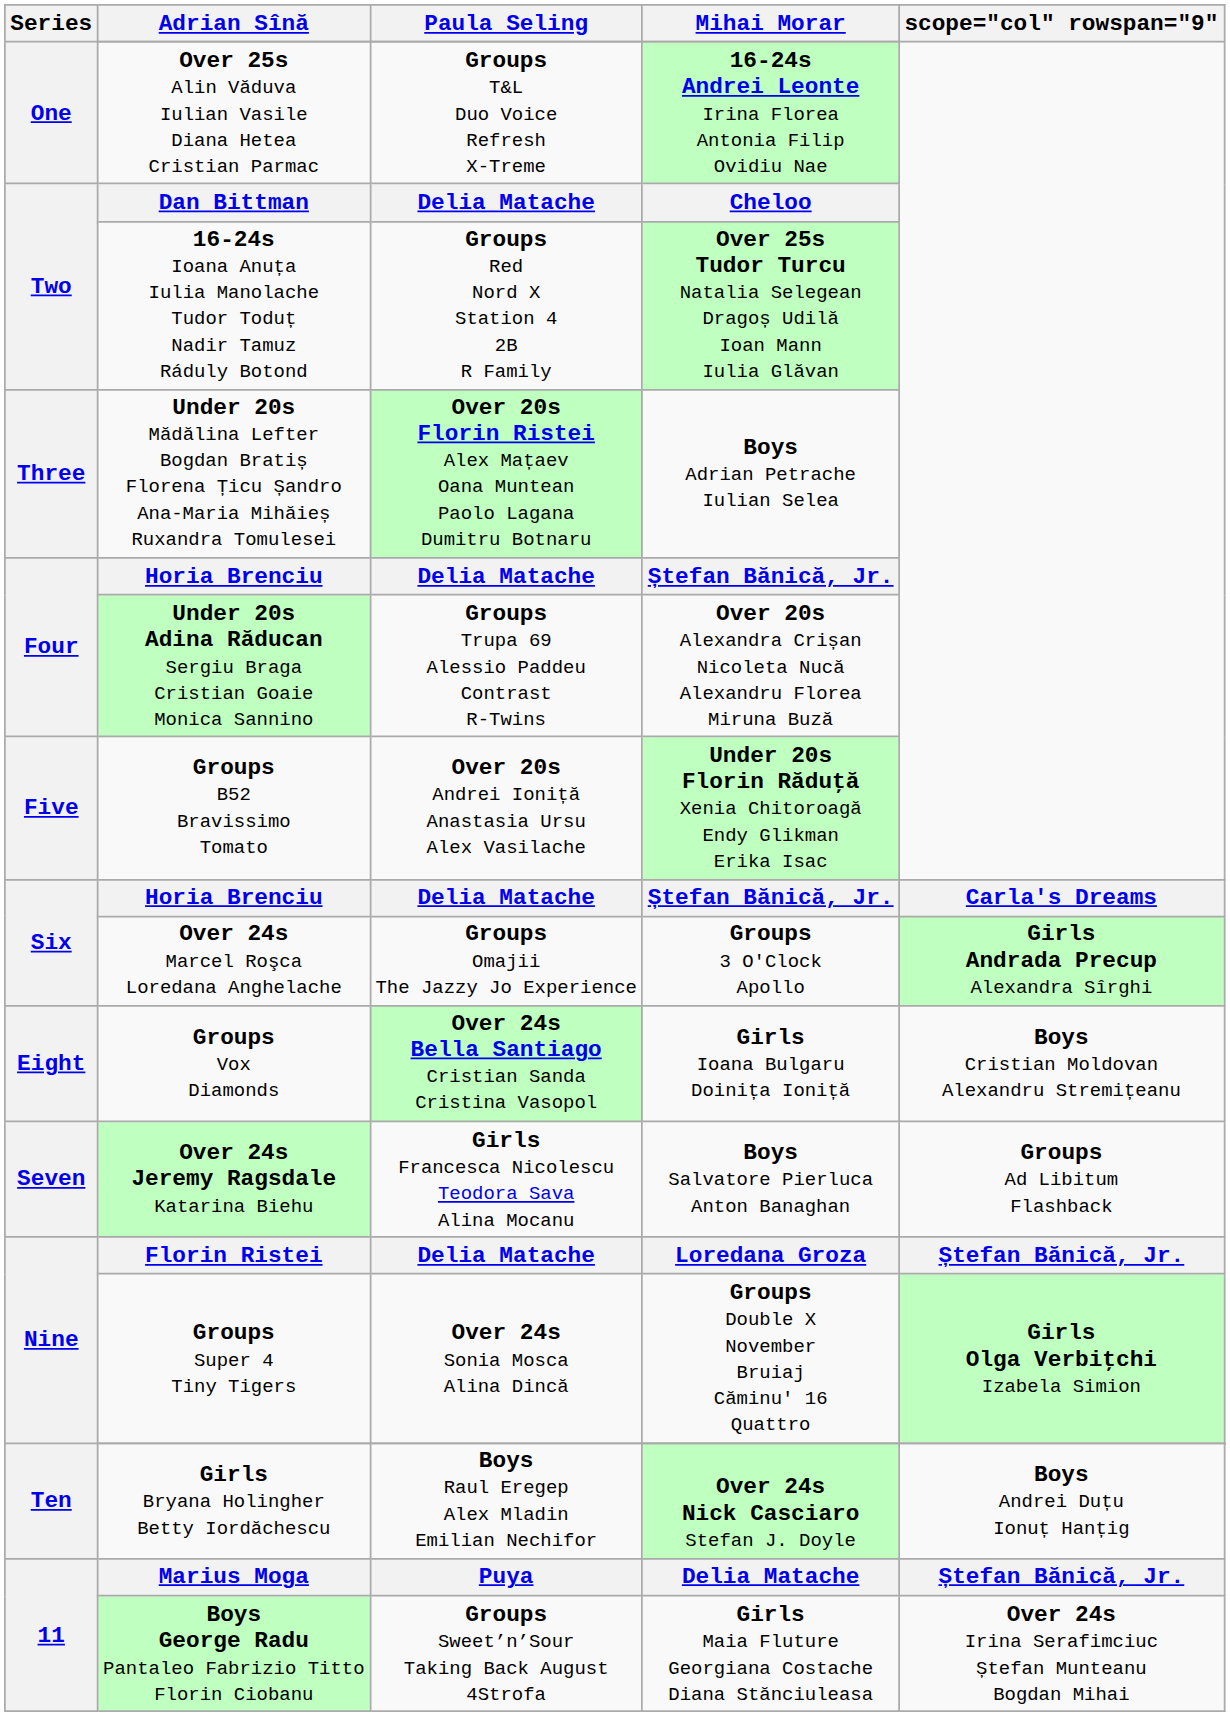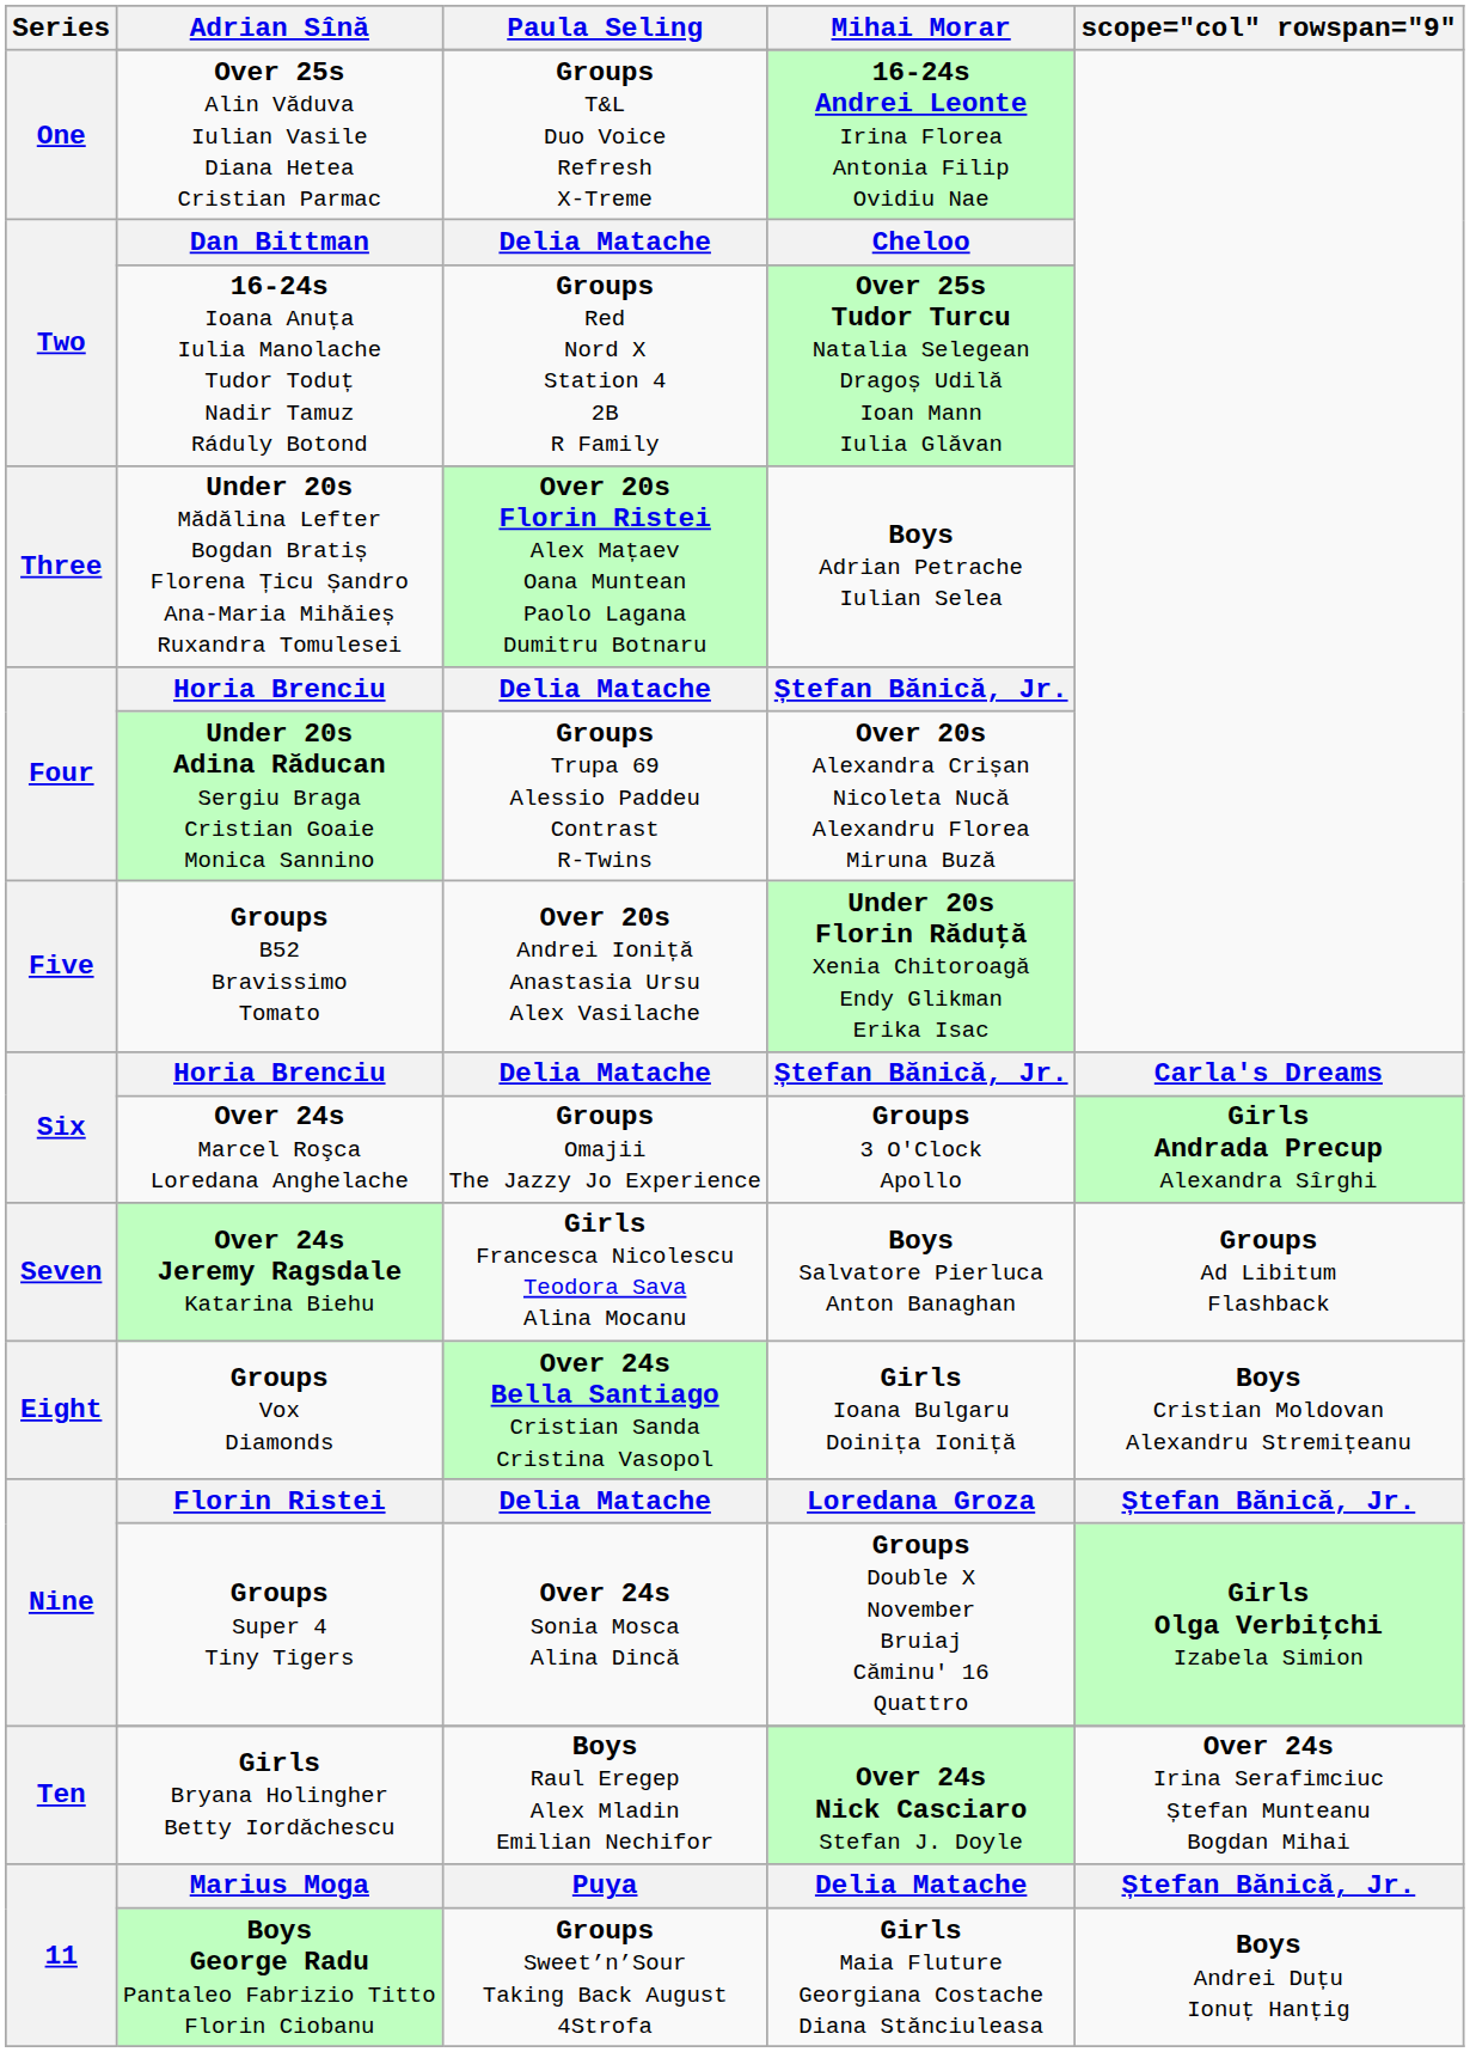 <table class="wikitable"  style="text-align:center">
 <tr>
 <th scope="col">Series</th>
 <th scope="col"><a href='#'>Adrian Sînă</a></th>
 <th scope="col"><a href='#'>Paula Seling</a></th>
 <th scope="col"><a href='#'>Mihai Morar</a></th>
 <th>scope="col" rowspan="9" </th>
 </tr>
 <tr>
 <th scope="row" rowspan=2><a href='#'>One</a></th>
 </tr>
 <tr>
 <td><strong>Over 25s</strong><br><small>Alin Văduva<br>Iulian Vasile<br>Diana Hetea<br>Cristian Parmac</small></td>
 <td><strong>Groups</strong><br><small>T&L<br>Duo Voice<br>Refresh<br>X-Treme</small></td>
 <td style="background:#BFFFC0;"><strong>16-24s</strong><br><strong><a href='#'>Andrei Leonte</a></strong><br><small>Irina Florea<br>Antonia Filip<br>Ovidiu Nae</small></td>
 </tr>
 <tr>
 <th scope="row" rowspan=2><a href='#'>Two</a></th>
 <th><a href='#'>Dan Bittman</a></th>
 <th><a href='#'>Delia Matache</a></th>
 <th><a href='#'>Cheloo</a></th>
 </tr>
 <tr>
 <td><strong>16-24s</strong><br><small>Ioana Anuța<br>Iulia Manolache<br>Tudor Toduț<br>Nadir Tamuz<br>Ráduly Botond</small></td>
 <td><strong>Groups</strong><br><small>Red<br>Nord X<br>Station 4<br>2B<br>R Family</small></td>
 <td style="background:#BFFFC0;"><strong>Over 25s</strong><br><strong>Tudor Turcu</strong><br><small>Natalia Selegean<br>Dragoș Udilă<br>Ioan Mann<br>Iulia Glăvan</small></td>
 </tr>
 <tr>
 <th scope="row"><a href='#'>Three</a></th>
 <td><strong>Under 20s</strong><br><small>Mădălina Lefter<br>Bogdan Bratiș<br>Florena Țicu Șandro<br>Ana-Maria Mihăieș<br>Ruxandra Tomulesei</small></td>
 <td style="background:#BFFFC0;"><strong>Over 20s</strong><br><strong><a href='#'>Florin Ristei</a></strong><br><small>Alex Mațaev<br>Oana Muntean<br>Paolo Lagana<br>Dumitru Botnaru</small></td>
 <td><strong>Boys</strong><br><small>Adrian Petrache<br>Iulian Selea</small></td>
 </tr>
 <tr>
 <th scope="row" rowspan=2><a href='#'>Four</a></th>
 <th><a href='#'>Horia Brenciu</a></th>
 <th><a href='#'>Delia Matache</a></th>
 <th><a href='#'>Ștefan Bănică, Jr.</a></th>
 </tr>
 <tr>
 <td style="background:#BFFFC0;"><strong>Under 20s</strong><br><strong>Adina Răducan</strong><br><small>Sergiu Braga<br>Cristian Goaie<br>Monica Sannino</small></td>
 <td><strong>Groups</strong><br><small>Trupa 69<br>Alessio Paddeu<br>Contrast<br>R-Twins</small></td>
 <td><strong>Over 20s</strong><small><br>Alexandra Crișan<br>Nicoleta Nucă<br>Alexandru Florea<br>Miruna Buză</small></td>
 </tr>
 <tr>
 <th scope="row"><a href='#'>Five</a></th>
 <td><strong>Groups</strong><br><small>B52<br>Bravissimo<br>Tomato</small></td>
 <td><strong>Over 20s</strong><br><small>Andrei Ioniță<br>Anastasia Ursu<br>Alex Vasilache</small></td>
 <td style="background:#BFFFC0;"><strong>Under 20s</strong><br><strong>Florin Răduţă</strong><br><small>Xenia Chitoroagă<br>Endy Glikman<br>Erika Isac</small></td>
 </tr>
 <tr>
 <th scope="row" rowspan=2><a href='#'>Six</a></th>
 <th><a href='#'>Horia Brenciu</a></th>
 <th><a href='#'>Delia Matache</a></th>
 <th><a href='#'>Ștefan Bănică, Jr.</a></th>
 <th><a href='#'>Carla's Dreams</a></th>
 </tr>
 <tr>
 <td><strong>Over 24s</strong><br><small>Marcel Roşca<br>Loredana Anghelache</small></td>
 <td><strong>Groups</strong><br><small>Omajii<br>The Jazzy Jo Experience</small></td>
 <td><strong>Groups</strong><br><small>3 O'Clock<br>Apollo</small></td>
 <td style="background:#BFFFC0;"><strong>Girls</strong><br><strong>Andrada Precup</strong><br><small>Alexandra Sîrghi</small></td>
 </tr>
 <tr>
+<th scope="row" rowspan=1><a href='#'>Seven</a></th>
+<td style="background:#BFFFC0;"><strong>Over 24s</strong><br><strong>Jeremy Ragsdale</strong><br><small>Katarina Biehu</small></td>
+<td><strong>Girls</strong><br><small>Francesca Nicolescu<br><a href='#'>Teodora Sava</a><br>Alina Mocanu</small></td>
+<td><strong>Boys</strong><br><small>Salvatore Pierluca<br>Anton Banaghan</small></td>
+<td><strong>Groups</strong><br><small>Ad Libitum<br>Flashback</small></td>
+</tr>
+<tr>
 <th scope="row" rowspan=1><a href='#'>Eight</a></th>
 <td><strong>Groups</strong><br><small>Vox<br>Diamonds</small></td>
 <td style="background:#BFFFC0;"><strong>Over 24s</strong><br><strong><a href='#'>Bella Santiago</a></strong><br><small>Cristian Sanda<br>Cristina Vasopol</small></td>
 <td><strong>Girls</strong><br><small>Ioana Bulgaru<br>Doinița Ioniță</small></td>
 <td><strong>Boys</strong><br><small>Cristian Moldovan<br>Alexandru Stremițeanu</small></td>
-</tr>
-<tr>
-<th scope="row" rowspan=1><a href='#'>Seven</a></th>
-<td style="background:#BFFFC0;"><strong>Over 24s</strong><br><strong>Jeremy Ragsdale</strong><br><small>Katarina Biehu</small></td>
-<td><strong>Girls</strong><br><small>Francesca Nicolescu<br><a href='#'>Teodora Sava</a><br>Alina Mocanu</small></td>
-<td><strong>Boys</strong><br><small>Salvatore Pierluca<br>Anton Banaghan</small></td>
-<td><strong>Groups</strong><br><small>Ad Libitum<br>Flashback</small></td>
 </tr>
 <tr>
 <th scope="row" rowspan=2><a href='#'>Nine</a></th>
 <th><a href='#'>Florin Ristei</a></th>
 <th><a href='#'>Delia Matache</a></th>
 <th><a href='#'>Loredana Groza</a></th>
 <th><a href='#'>Ștefan Bănică, Jr.</a></th>
 </tr>
 <tr>
 <td><strong>Groups</strong><br><small>Super 4<br>Tiny Tigers</small></td>
 <td><strong>Over 24s</strong><br><small>Sonia Mosca<br>Alina Dincă</small></td>
 <td><strong>Groups</strong><br><small>Double X<br>November<br>Bruiaj<br>Căminu' 16<br>Quattro</small></td>
 <td style="background:#BFFFC0;"><strong>Girls</strong><br><strong>Olga Verbiţchi</strong><br><small>Izabela Simion</small></td>
 </tr>
 <tr>
 <th scope="row" rowspan=2><a href='#'>Ten</a></th>
 </tr>
 <tr>
 <td><strong>Girls</strong><br><small>Bryana Holingher<br>Betty Iordăchescu</small></td>
 <td><strong>Boys</strong><br><small>Raul Eregep<br>Alex Mladin<br>Emilian Nechifor</small></td>
 <td style="background:#BFFFC0;"><br><strong>Over 24s</strong><br><strong>Nick Casciaro</strong><br><small>Stefan J. Doyle</small></td>
-<td><strong>Boys</strong><br><small>Andrei Duțu<br>Ionuț Hanțig</small></td>
+<td><strong>Over 24s</strong><br><small>Irina Serafimciuc<br>Ștefan Munteanu<br>Bogdan Mihai</small></td>
 </tr>
 <tr>
 <th scope="row" rowspan=2><a href='#'>11</a></th>
 <th><a href='#'>Marius Moga</a></th>
 <th><a href='#'>Puya</a></th>
 <th><a href='#'>Delia Matache</a></th>
 <th><a href='#'>Ștefan Bănică, Jr.</a></th>
 </tr>
 <tr>
 <td style="background:#BFFFC0;"><strong>Boys</strong><br><strong>George Radu</strong><small><br>Pantaleo Fabrizio Titto<br>Florin Ciobanu</small></td>
 <td><strong>Groups</strong><br><small>Sweet’n’Sour<br>Taking Back August<br>4Strofa</small></td>
 <td><strong>Girls</strong><br><small>Maia Fluture<br>Georgiana Costache<br>Diana Stănciuleasa</small></td>
-<td><strong>Over 24s</strong><br><small>Irina Serafimciuc<br>Ștefan Munteanu<br>Bogdan Mihai</small></td>
+<td><strong>Boys</strong><br><small>Andrei Duțu<br>Ionuț Hanțig</small></td>
 </tr>
 </table>
